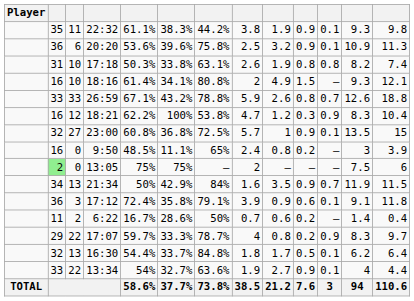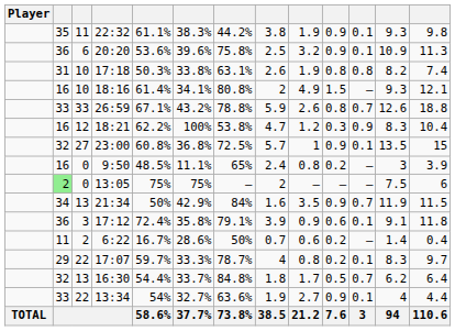 <table class="wikitable sortable" style="font-size:95%; text-align:right;">
 <tr>
 <th>Player</th>
 <th></th>
 <th></th>
 <th></th>
 <th></th>
 <th></th>
 <th></th>
 <th></th>
 <th></th>
 <th></th>
 <th></th>
 <th></th>
 <th></th>
 </tr>
 <tr>
 <td></td>
 <td>35</td>
 <td>11</td>
 <td>22:32</td>
 <td>61.1%</td>
 <td>38.3%</td>
 <td>44.2%</td>
 <td>3.8</td>
 <td>1.9</td>
 <td>0.9</td>
 <td>0.1</td>
 <td>9.3</td>
 <td>9.8</td>
 </tr>
 <tr>
 <td></td>
 <td>36</td>
 <td>6</td>
 <td>20:20</td>
 <td>53.6%</td>
 <td>39.6%</td>
 <td>75.8%</td>
 <td>2.5</td>
 <td>3.2</td>
 <td>0.9</td>
 <td>0.1</td>
 <td>10.9</td>
 <td>11.3</td>
 </tr>
 <tr>
 <td></td>
 <td>31</td>
 <td>10</td>
 <td>17:18</td>
 <td>50.3%</td>
 <td>33.8%</td>
 <td>63.1%</td>
 <td>2.6</td>
 <td>1.9</td>
 <td>0.8</td>
 <td>0.8</td>
 <td>8.2</td>
 <td>7.4</td>
 </tr>
 <tr>
 <td></td>
 <td>16</td>
 <td>10</td>
 <td>18:16</td>
 <td>61.4%</td>
 <td>34.1%</td>
 <td>80.8%</td>
 <td>2</td>
 <td>4.9</td>
 <td>1.5</td>
 <td>–</td>
 <td>9.3</td>
 <td>12.1</td>
 </tr>
 <tr>
 <td></td>
 <td>33</td>
 <td>33</td>
 <td>26:59</td>
 <td>67.1%</td>
 <td>43.2%</td>
 <td>78.8%</td>
 <td>5.9</td>
 <td>2.6</td>
 <td>0.8</td>
 <td>0.7</td>
 <td>12.6</td>
 <td>18.8</td>
 </tr>
 <tr>
 <td></td>
 <td>16</td>
 <td>12</td>
 <td>18:21</td>
 <td>62.2%</td>
 <td>100%</td>
 <td>53.8%</td>
 <td>4.7</td>
 <td>1.2</td>
 <td>0.3</td>
 <td>0.9</td>
 <td>8.3</td>
 <td>10.4</td>
 </tr>
 <tr>
 <td></td>
 <td>32</td>
 <td>27</td>
 <td>23:00</td>
 <td>60.8%</td>
 <td>36.8%</td>
 <td>72.5%</td>
 <td>5.7</td>
 <td>1</td>
 <td>0.9</td>
 <td>0.1</td>
 <td>13.5</td>
 <td>15</td>
 </tr>
 <tr>
 <td></td>
 <td>16</td>
 <td>0</td>
 <td>9:50</td>
 <td>48.5%</td>
 <td>11.1%</td>
 <td>65%</td>
 <td>2.4</td>
 <td>0.8</td>
 <td>0.2</td>
 <td>–</td>
 <td>3</td>
 <td>3.9</td>
 </tr>
 <tr>
 <td></td>
 <td style="background: lightgreen;">2</td>
 <td>0</td>
 <td>13:05</td>
 <td>75%</td>
 <td>75%</td>
 <td>–</td>
 <td>2</td>
 <td>–</td>
 <td>–</td>
 <td>–</td>
 <td>7.5</td>
 <td>6</td>
 </tr>
 <tr>
 <td></td>
 <td>34</td>
 <td>13</td>
 <td>21:34</td>
 <td>50%</td>
 <td>42.9%</td>
 <td>84%</td>
 <td>1.6</td>
 <td>3.5</td>
 <td>0.9</td>
 <td>0.7</td>
 <td>11.9</td>
 <td>11.5</td>
 </tr>
 <tr>
 <td></td>
 <td>36</td>
 <td>3</td>
 <td>17:12</td>
 <td>72.4%</td>
 <td>35.8%</td>
 <td>79.1%</td>
 <td>3.9</td>
 <td>0.9</td>
 <td>0.6</td>
 <td>0.1</td>
 <td>9.1</td>
 <td>11.8</td>
 </tr>
 <tr>
 <td></td>
 <td>11</td>
 <td>2</td>
 <td>6:22</td>
 <td>16.7%</td>
 <td>28.6%</td>
 <td>50%</td>
 <td>0.7</td>
 <td>0.6</td>
 <td>0.2</td>
 <td>–</td>
 <td>1.4</td>
 <td>0.4</td>
 </tr>
 <tr>
 <td></td>
 <td>29</td>
 <td>22</td>
 <td>17:07</td>
 <td>59.7%</td>
 <td>33.3%</td>
 <td>78.7%</td>
 <td>4</td>
 <td>0.8</td>
 <td>0.2</td>
-<td>0.9</td>
+<td>0.1</td>
 <td>8.3</td>
 <td>9.7</td>
 </tr>
 <tr>
 <td></td>
 <td>32</td>
 <td>13</td>
 <td>16:30</td>
 <td>54.4%</td>
 <td>33.7%</td>
 <td>84.8%</td>
 <td>1.8</td>
 <td>1.7</td>
 <td>0.5</td>
-<td>0.1</td>
+<td>0.7</td>
 <td>6.2</td>
 <td>6.4</td>
 </tr>
 <tr>
 <td></td>
 <td>33</td>
 <td>22</td>
 <td>13:34</td>
 <td>54%</td>
 <td>32.7%</td>
 <td>63.6%</td>
 <td>1.9</td>
 <td>2.7</td>
 <td>0.9</td>
 <td>0.1</td>
 <td>4</td>
 <td>4.4</td>
 </tr>
 <tr>
 <th align=center>TOTAL</th>
 <th colspan=3></th>
 <th>58.6%</th>
 <th>37.7%</th>
 <th>73.8%</th>
 <th>38.5</th>
 <th>21.2</th>
 <th>7.6</th>
 <th>3</th>
 <th>94</th>
 <th>110.6</th>
 </tr>
 </table>
